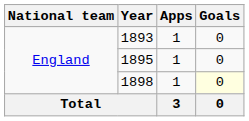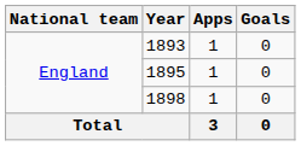 <table class=wikitable style="text-align: center">
 <tr>
 <th>National team</th>
 <th>Year</th>
 <th>Apps</th>
 <th>Goals</th>
 </tr>
 <tr>
 <td rowspan=3><a href='#'>England</a></td>
 <td>1893</td>
 <td>1</td>
 <td>0</td>
 </tr>
 <tr>
 <td>1895</td>
 <td>1</td>
 <td>0</td>
 </tr>
 <tr>
 <td>1898</td>
 <td>1</td>
-<td style="background: lightyellow;">0</td>
+<td>0</td>
 </tr>
 <tr>
 <th colspan=2>Total</th>
 <th>3</th>
 <th>0</th>
 </tr>
 </table>
